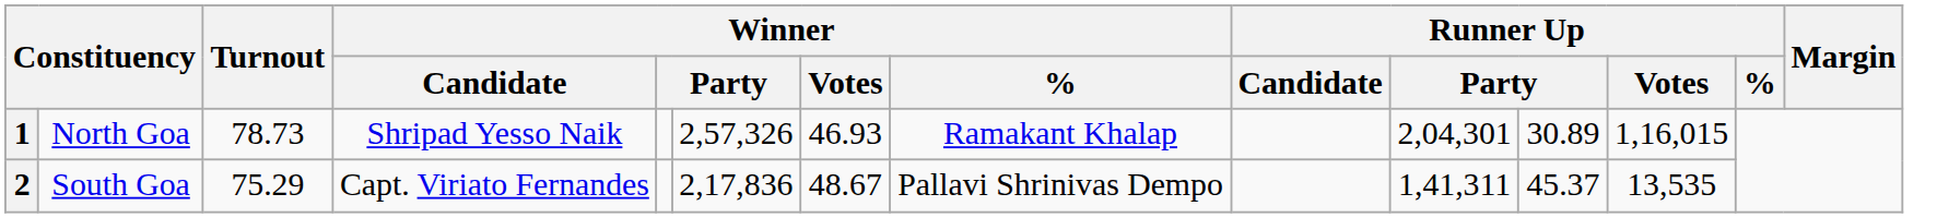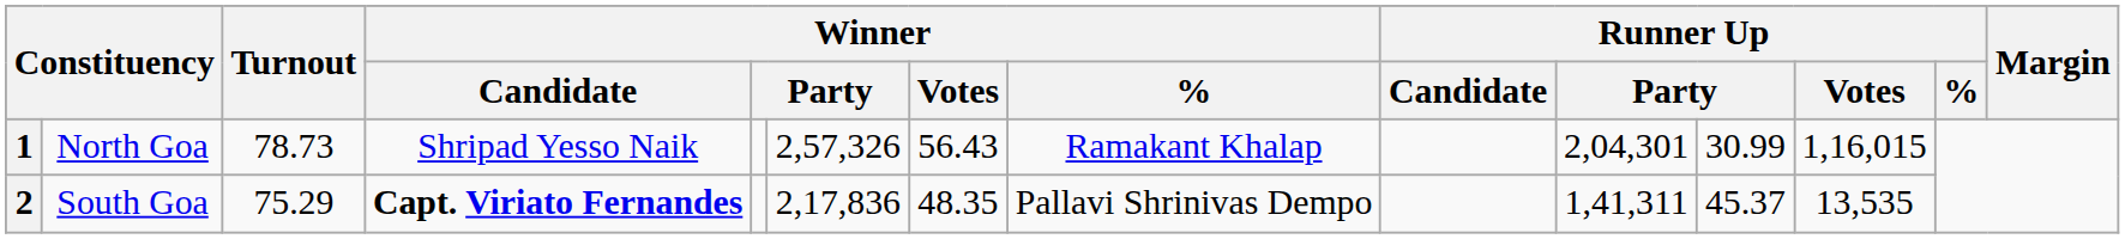 <table class="wikitable sortable" style="text-align:center;">
 <tr>
 <th colspan="2" rowspan="2">Constituency</th>
 <th rowspan="2">Turnout</th>
 <th colspan="5">Winner</th>
 <th colspan="5">Runner Up</th>
 <th rowspan="2">Margin</th>
 </tr>
 <tr>
 <th>Candidate</th>
 <th colspan="2">Party</th>
 <th>Votes</th>
 <th>%</th>
 <th>Candidate</th>
 <th colspan="2">Party</th>
 <th>Votes</th>
 <th>%</th>
 </tr>
 <tr>
 <th>1</th>
 <td><a href='#'>North Goa</a></td>
 <td>78.73 </td>
 <td><a href='#'>Shripad Yesso Naik</a></td>
 <td></td>
 <td>2,57,326</td>
-<td>46.93</td>
+<td>56.43</td>
 <td><a href='#'>Ramakant Khalap</a></td>
 <td></td>
 <td>2,04,301</td>
-<td>30.89</td>
+<td>30.99</td>
 <td style="background:">1,16,015</td>
 </tr>
 <tr>
 <th>2</th>
 <td><a href='#'>South Goa</a></td>
 <td>75.29 </td>
-<td>Capt. <a href='#'>Viriato Fernandes</a></td>
+<td><strong>Capt. <a href='#'>Viriato Fernandes</a></strong></td>
 <td></td>
 <td>2,17,836</td>
-<td>48.67</td>
+<td>48.35</td>
 <td>Pallavi Shrinivas Dempo</td>
 <td></td>
 <td>1,41,311</td>
 <td>45.37</td>
 <td style="background:">13,535</td>
 </tr>
 </table>
